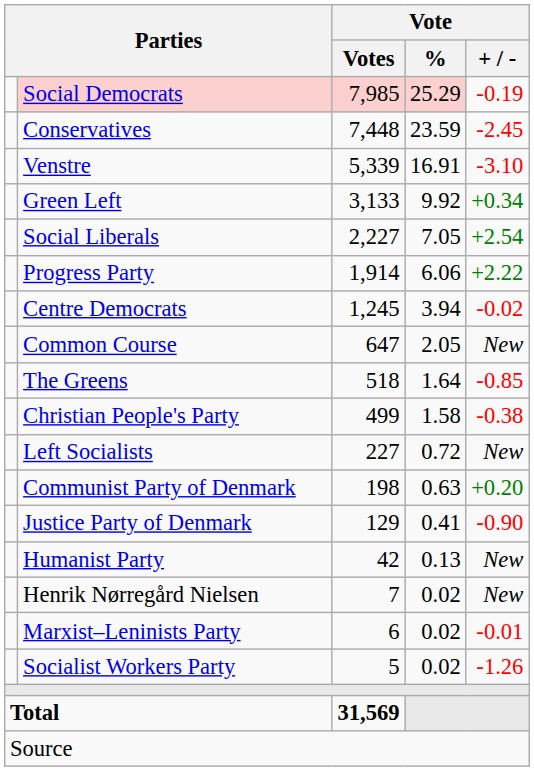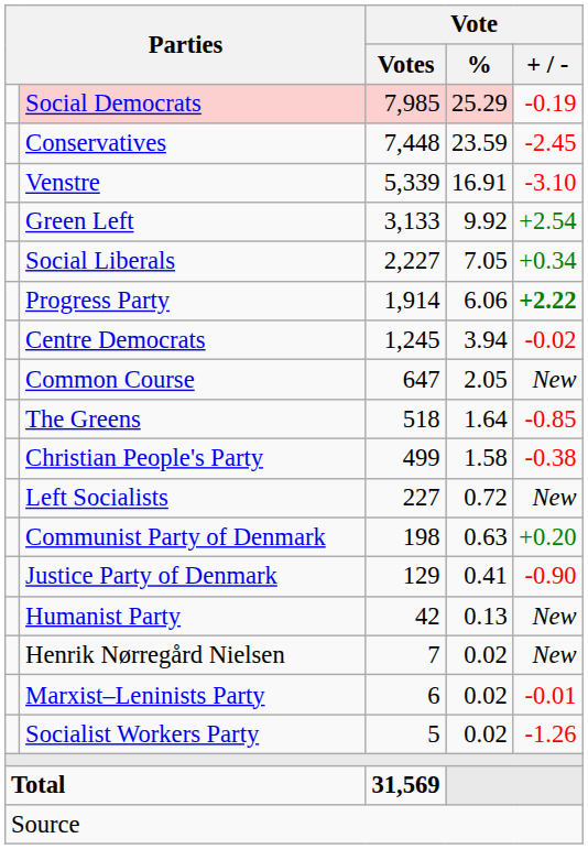 <table class="wikitable" style="text-align:right;">
 <tr>
 <th style="text-align:centre;" rowspan="2" colspan="2" width="225">Parties</th>
 <th colspan="3">Vote</th>
 </tr>
 <tr>
 <th width="15">Votes</th>
 <th width="15">%</th>
 <th width="15">+ / -</th>
 </tr>
 <tr>
 <td width="2" style="color:inherit;background:"></td>
 <td bgcolor=#fbd0ce  align="left"><a href='#'>Social Democrats</a></td>
 <td bgcolor=#fbd0ce>7,985</td>
 <td bgcolor=#fbd0ce>25.29</td>
 <td style=color:red;>-0.19</td>
 </tr>
 <tr>
 <td width="2" style="color:inherit;background:"></td>
 <td align="left"><a href='#'>Conservatives</a></td>
 <td>7,448</td>
 <td>23.59</td>
 <td style=color:red;>-2.45</td>
 </tr>
 <tr>
 <td width="2" style="color:inherit;background:"></td>
 <td align="left"><a href='#'>Venstre</a></td>
 <td>5,339</td>
 <td>16.91</td>
 <td style=color:red;>-3.10</td>
 </tr>
 <tr>
 <td width="2" style="color:inherit;background:"></td>
 <td align="left"><a href='#'>Green Left</a></td>
 <td>3,133</td>
 <td>9.92</td>
-<td style=color:green;>+0.34</td>
+<td style=color:green;>+2.54</td>
 </tr>
 <tr>
 <td width="2" style="color:inherit;background:"></td>
 <td align="left"><a href='#'>Social Liberals</a></td>
 <td>2,227</td>
 <td>7.05</td>
-<td style=color:green;>+2.54</td>
+<td style=color:green;>+0.34</td>
 </tr>
 <tr>
 <td width="2" style="color:inherit;background:"></td>
 <td align="left"><a href='#'>Progress Party</a></td>
 <td>1,914</td>
 <td>6.06</td>
-<td style=color:green;>+2.22</td>
+<td style=color:green;><strong>+2.22</strong></td>
 </tr>
 <tr>
 <td width="2" style="color:inherit;background:"></td>
 <td align="left"><a href='#'>Centre Democrats</a></td>
 <td>1,245</td>
 <td>3.94</td>
 <td style=color:red;>-0.02</td>
 </tr>
 <tr>
 <td width="2" style="color:inherit;background:"></td>
 <td align="left"><a href='#'>Common Course</a></td>
 <td>647</td>
 <td>2.05</td>
 <td><em>New</em></td>
 </tr>
 <tr>
 <td width="2" style="color:inherit;background:"></td>
 <td align="left"><a href='#'>The Greens</a></td>
 <td>518</td>
 <td>1.64</td>
 <td style=color:red;>-0.85</td>
 </tr>
 <tr>
 <td width="2" style="color:inherit;background:"></td>
 <td align="left"><a href='#'>Christian People's Party</a></td>
 <td>499</td>
 <td>1.58</td>
 <td style=color:red;>-0.38</td>
 </tr>
 <tr>
 <td width="2" style="color:inherit;background:"></td>
 <td align="left"><a href='#'>Left Socialists</a></td>
 <td>227</td>
 <td>0.72</td>
 <td><em>New</em></td>
 </tr>
 <tr>
 <td width="2" style="color:inherit;background:"></td>
 <td align="left"><a href='#'>Communist Party of Denmark</a></td>
 <td>198</td>
 <td>0.63</td>
 <td style=color:green;>+0.20</td>
 </tr>
 <tr>
 <td width="2" style="color:inherit;background:"></td>
 <td align="left"><a href='#'>Justice Party of Denmark</a></td>
 <td>129</td>
 <td>0.41</td>
 <td style=color:red;>-0.90</td>
 </tr>
 <tr>
 <td width="2" style="color:inherit;background:"></td>
 <td align="left"><a href='#'>Humanist Party</a></td>
 <td>42</td>
 <td>0.13</td>
 <td><em>New</em></td>
 </tr>
 <tr>
 <td width="2" style="color:inherit;background:"></td>
 <td align="left">Henrik Nørregård Nielsen</td>
 <td>7</td>
 <td>0.02</td>
 <td><em>New</em></td>
 </tr>
 <tr>
 <td width="2" style="color:inherit;background:"></td>
 <td align="left"><a href='#'>Marxist–Leninists Party</a></td>
 <td>6</td>
 <td>0.02</td>
 <td style=color:red;>-0.01</td>
 </tr>
 <tr>
 <td width="2" style="color:inherit;background:"></td>
 <td align="left"><a href='#'>Socialist Workers Party</a></td>
 <td>5</td>
 <td>0.02</td>
 <td style=color:red;>-1.26</td>
 </tr>
 <tr>
 <td colspan="7" bgcolor="#E9E9E9"></td>
 </tr>
 <tr>
 <td align="left" colspan="2"><strong>Total</strong></td>
 <td><strong>31,569</strong></td>
 <td bgcolor="#E9E9E9" colspan="2"></td>
 </tr>
 <tr>
 <td align="left" colspan="6">Source</td>
 </tr>
 </table>
